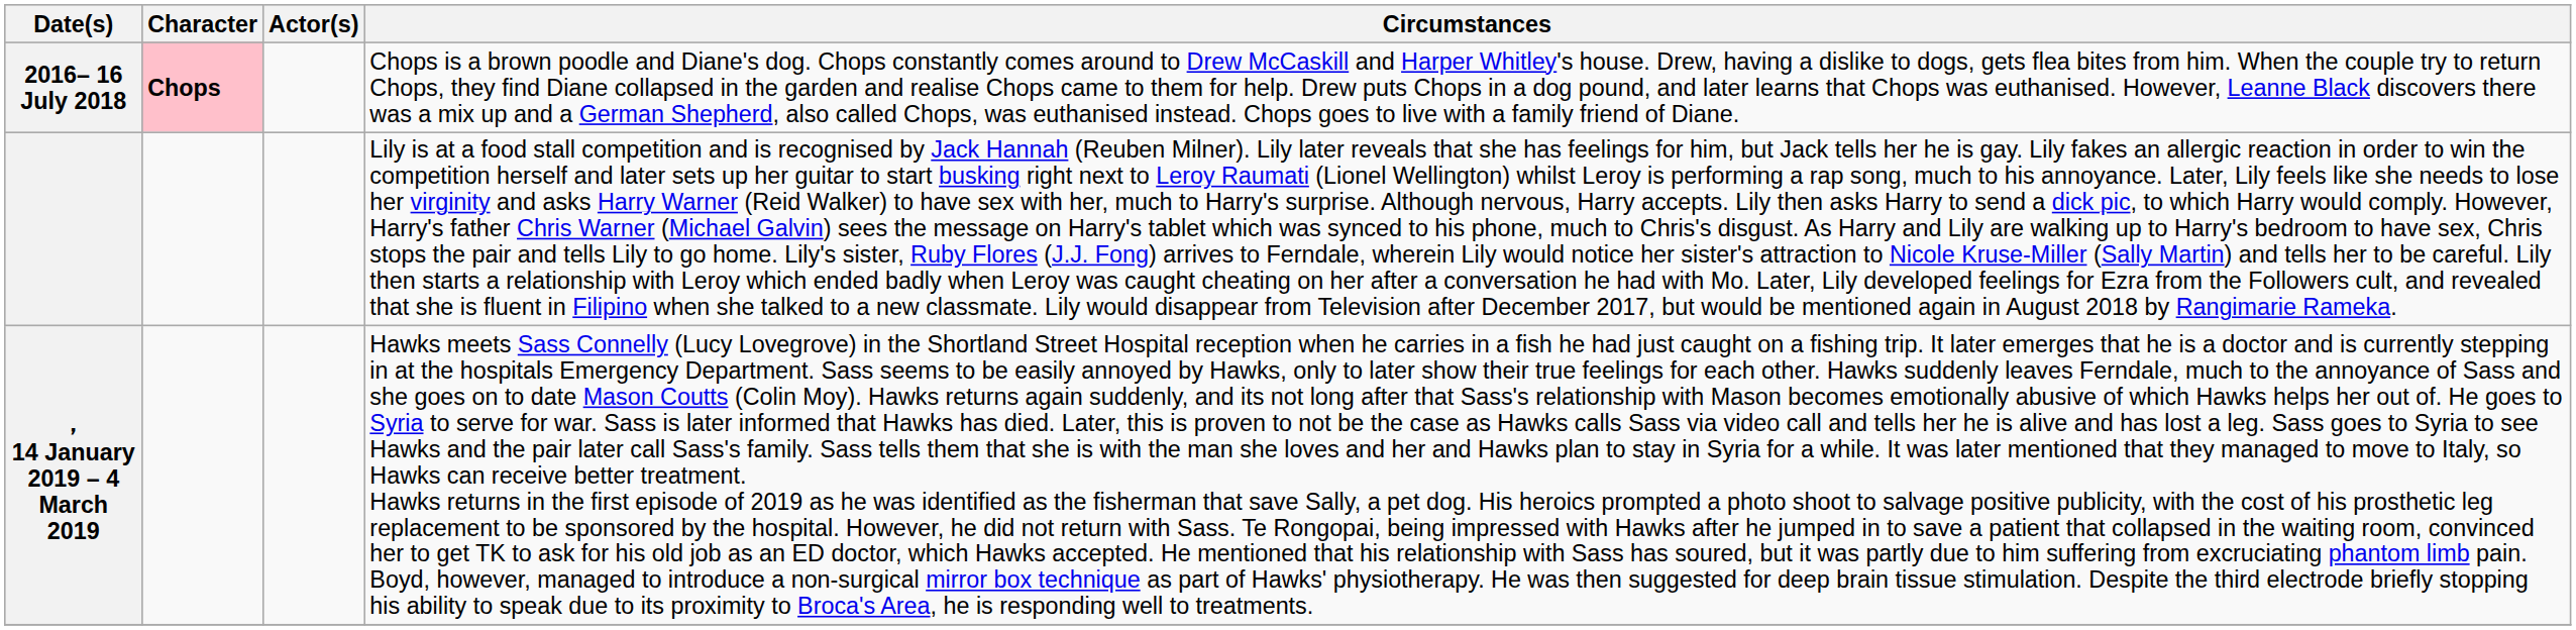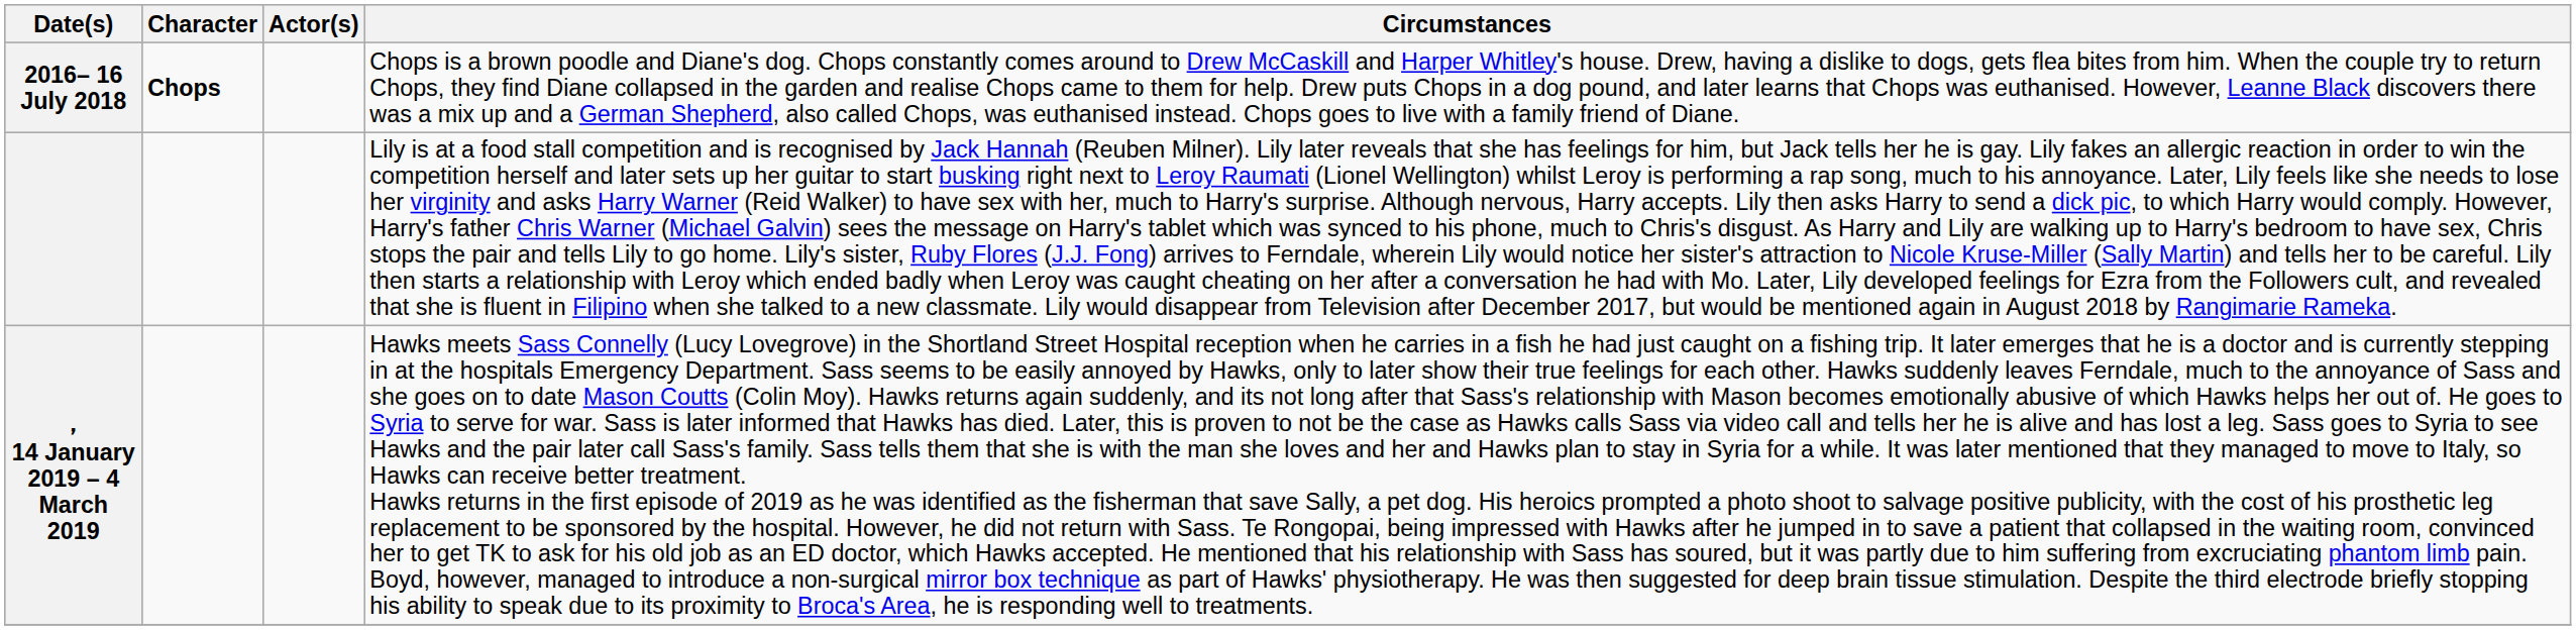 <table class="wikitable plainrowheaders" style="font-size:90%">
 <tr>
 <th scope="col">Date(s)</th>
 <th scope="col">Character</th>
 <th scope="col">Actor(s)</th>
 <th scope="col">Circumstances</th>
 </tr>
 <tr>
 <th scope="row">2016– 16 July 2018</th>
-<td style="background: pink;"><strong>Chops</strong></td>
+<td><strong>Chops</strong></td>
 <td></td>
 <td>Chops is a brown poodle and Diane's dog. Chops constantly comes around to <a href='#'>Drew McCaskill</a> and <a href='#'>Harper Whitley</a>'s house. Drew, having a dislike to dogs, gets flea bites from him. When the couple try to return Chops, they find Diane collapsed in the garden and realise Chops came to them for help. Drew puts Chops in a dog pound, and later learns that Chops was euthanised. However, <a href='#'>Leanne Black</a> discovers there was a mix up and a <a href='#'>German Shepherd</a>, also called Chops, was euthanised instead. Chops goes to live with a family friend of Diane.</td>
 </tr>
 <tr>
 <th scope="row"></th>
 <td></td>
 <td></td>
 <td>Lily is at a food stall competition and is recognised by <a href='#'>Jack Hannah</a> (Reuben Milner). Lily later reveals that she has feelings for him, but Jack tells her he is gay. Lily fakes an allergic reaction in order to win the competition herself and later sets up her guitar to start <a href='#'>busking</a> right next to <a href='#'>Leroy Raumati</a> (Lionel Wellington) whilst Leroy is performing a rap song, much to his annoyance. Later, Lily feels like she needs to lose her <a href='#'>virginity</a> and asks <a href='#'>Harry Warner</a> (Reid Walker) to have sex with her, much to Harry's surprise. Although nervous, Harry accepts. Lily then asks Harry to send a <a href='#'>dick pic</a>, to which Harry would comply. However, Harry's father <a href='#'>Chris Warner</a> (<a href='#'>Michael Galvin</a>) sees the message on Harry's tablet which was synced to his phone, much to Chris's disgust. As Harry and Lily are walking up to Harry's bedroom to have sex, Chris stops the pair and tells Lily to go home. Lily's sister, <a href='#'>Ruby Flores</a> (<a href='#'>J.J. Fong</a>) arrives to Ferndale, wherein Lily would notice her sister's attraction to <a href='#'>Nicole Kruse-Miller</a> (<a href='#'>Sally Martin</a>) and tells her to be careful. Lily then starts a relationship with Leroy which ended badly when Leroy was caught cheating on her after a conversation he had with Mo. Later, Lily developed feelings for Ezra from the Followers cult, and revealed that she is fluent in <a href='#'>Filipino</a> when she talked to a new classmate. Lily would disappear from Television after December 2017, but would be mentioned again in August 2018 by <a href='#'>Rangimarie Rameka</a>.</td>
 </tr>
 <tr>
 <th scope="row">，<br>14 January 2019 – 4 March 2019</th>
 <td></td>
 <td></td>
 <td>Hawks meets <a href='#'>Sass Connelly</a> (Lucy Lovegrove) in the Shortland Street Hospital reception when he carries in a fish he had just caught on a fishing trip. It later emerges that he is a doctor and is currently stepping in at the hospitals Emergency Department. Sass seems to be easily annoyed by Hawks, only to later show their true feelings for each other. Hawks suddenly leaves Ferndale, much to the annoyance of Sass and she goes on to date <a href='#'>Mason Coutts</a> (Colin Moy). Hawks returns again suddenly, and its not long after that Sass's relationship with Mason becomes emotionally abusive of which Hawks helps her out of. He goes to <a href='#'>Syria</a> to serve for war. Sass is later informed that Hawks has died. Later, this is proven to not be the case as Hawks calls Sass via video call and tells her he is alive and has lost a leg. Sass goes to Syria to see Hawks and the pair later call Sass's family. Sass tells them that she is with the man she loves and her and Hawks plan to stay in Syria for a while. It was later mentioned that they managed to move to Italy, so Hawks can receive better treatment.<br>Hawks returns in the first episode of 2019 as he was identified as the fisherman that save Sally, a pet dog. His heroics prompted a photo shoot to salvage positive publicity, with the cost of his prosthetic leg replacement to be sponsored by the hospital. However, he did not return with Sass. Te Rongopai, being impressed with Hawks after he jumped in to save a patient that collapsed in the waiting room, convinced her to get TK to ask for his old job as an ED doctor, which Hawks accepted. He mentioned that his relationship with Sass has soured, but it was partly due to him suffering from excruciating <a href='#'>phantom limb</a> pain. Boyd, however, managed to introduce a non-surgical <a href='#'>mirror box technique</a> as part of Hawks' physiotherapy. He was then suggested for deep brain tissue stimulation. Despite the third electrode briefly stopping his ability to speak due to its proximity to <a href='#'>Broca's Area</a>, he is responding well to treatments.</td>
 </tr>
 <tr>
 </tr>
 </table>
